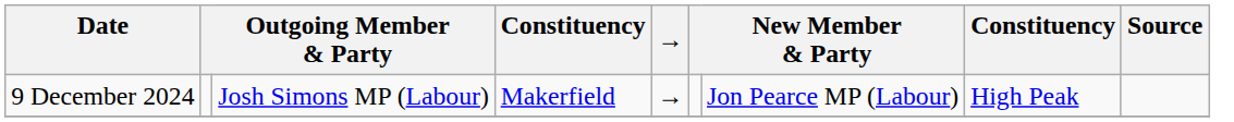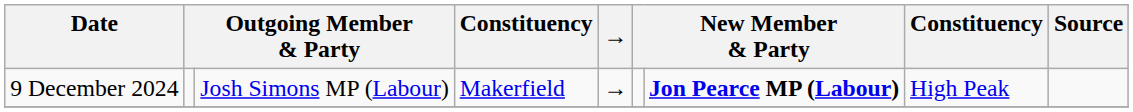 <table class="wikitable">
 <tr>
 <th valign="top">Date</th>
 <th colspan="2" valign="top">Outgoing Member<br>& Party</th>
 <th valign="top">Constituency</th>
 <th>→</th>
 <th colspan="2" valign="top">New Member<br>& Party</th>
 <th valign="top">Constituency</th>
 <th valign="top">Source</th>
 </tr>
 <tr>
 <td nowrap>9 December 2024</td>
 <td style="color:inherit;background:"></td>
 <td><a href='#'>Josh Simons</a> MP (<a href='#'>Labour</a>)</td>
 <td><a href='#'>Makerfield</a></td>
 <td>→</td>
 <td style="color:inherit;background:"></td>
-<td><a href='#'>Jon Pearce</a> MP (<a href='#'>Labour</a>)</td>
+<td><strong><a href='#'>Jon Pearce</a> MP (<a href='#'>Labour</a>)</strong></td>
 <td><a href='#'>High Peak</a></td>
 <td></td>
 </tr>
 <tr>
 </tr>
 </table>
